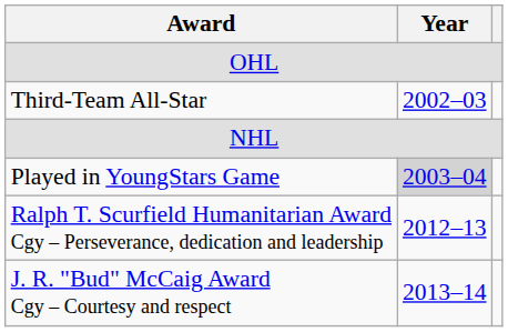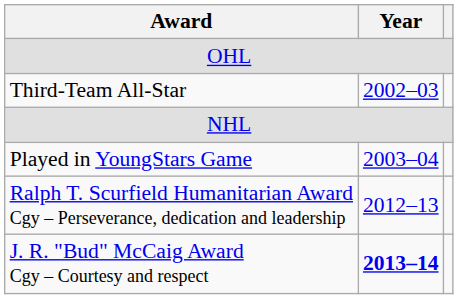 <table class="wikitable">
 <tr>
 <th>Award</th>
 <th>Year</th>
 <th></th>
 </tr>
 <tr ALIGN="center" bgcolor="#e0e0e0">
 <td colspan="3"><a href='#'>OHL</a></td>
 </tr>
 <tr>
 <td>Third-Team All-Star</td>
 <td><a href='#'>2002–03</a></td>
 <td></td>
 </tr>
 <tr ALIGN="center" bgcolor="#e0e0e0">
 <td colspan="3"><a href='#'>NHL</a></td>
 </tr>
 <tr>
 <td>Played in <a href='#'>YoungStars Game</a></td>
-<td style="background: lightgrey;"><a href='#'>2003–04</a></td>
+<td><a href='#'>2003–04</a></td>
 <td></td>
 </tr>
 <tr>
 <td><a href='#'>Ralph T. Scurfield Humanitarian Award</a><br><small>Cgy – Perseverance, dedication and leadership</small></td>
 <td><a href='#'>2012–13</a></td>
 <td></td>
 </tr>
 <tr>
 <td><a href='#'>J. R. "Bud" McCaig Award</a><br><small>Cgy – Courtesy and respect</small></td>
-<td><a href='#'>2013–14</a></td>
+<td><strong><a href='#'>2013–14</a></strong></td>
 <td></td>
 </tr>
 </table>
